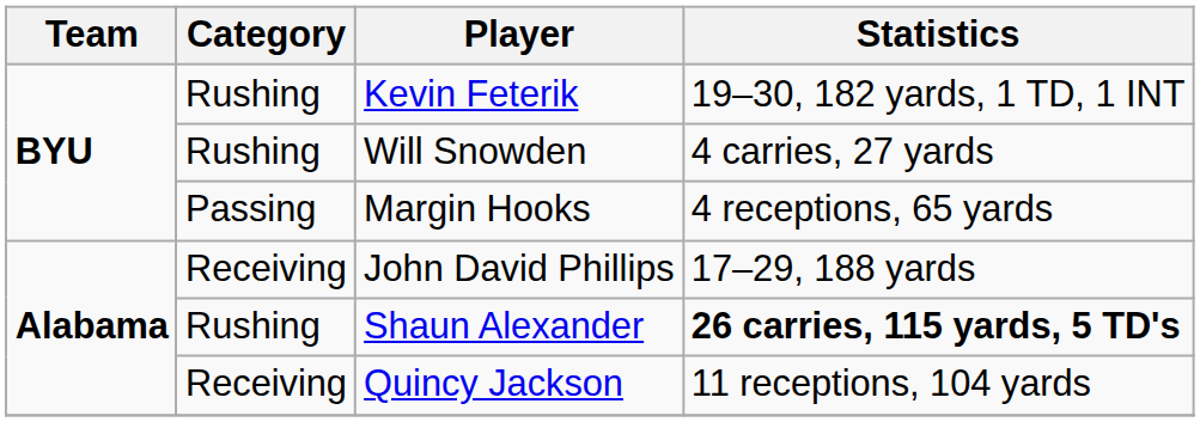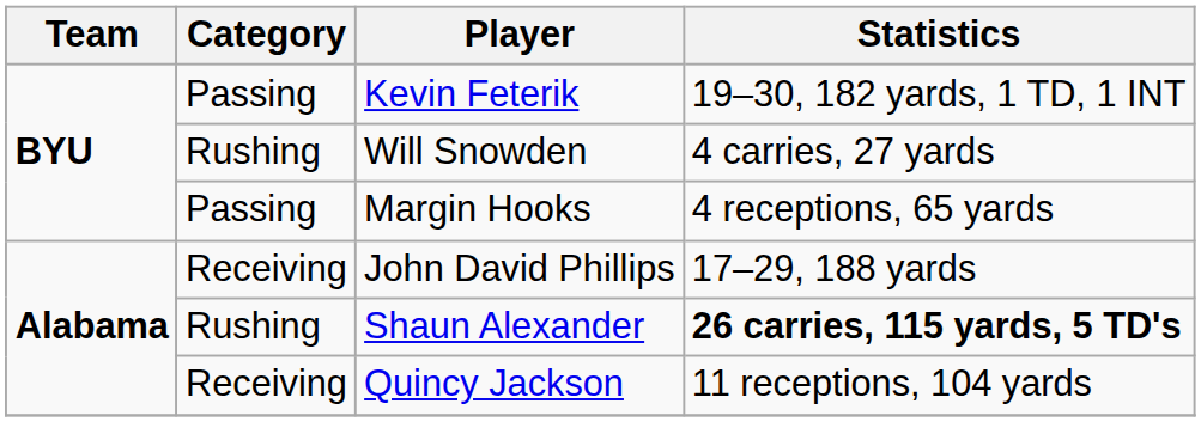 <table class="wikitable" style="float: right;">
 <tr>
 <th>Team</th>
 <th>Category</th>
 <th>Player</th>
 <th>Statistics</th>
 </tr>
 <tr>
 <td rowspan=3><strong>BYU</strong></td>
-<td>Rushing</td>
+<td>Passing</td>
 <td><a href='#'>Kevin Feterik</a></td>
 <td>19–30, 182 yards, 1 TD, 1 INT</td>
 </tr>
 <tr>
 <td>Rushing</td>
 <td>Will Snowden</td>
 <td>4 carries, 27 yards</td>
 </tr>
 <tr>
 <td>Passing</td>
 <td>Margin Hooks</td>
 <td>4 receptions, 65 yards</td>
 </tr>
 <tr>
 <td rowspan=3><strong>Alabama</strong></td>
 <td>Receiving</td>
 <td>John David Phillips</td>
 <td>17–29, 188 yards</td>
 </tr>
 <tr>
 <td>Rushing</td>
 <td><a href='#'>Shaun Alexander</a></td>
 <td><strong>26 carries, 115 yards, 5 TD's</strong></td>
 </tr>
 <tr>
 <td>Receiving</td>
 <td><a href='#'>Quincy Jackson</a></td>
 <td>11 receptions, 104 yards</td>
 </tr>
 <tr>
 </tr>
 </table>
